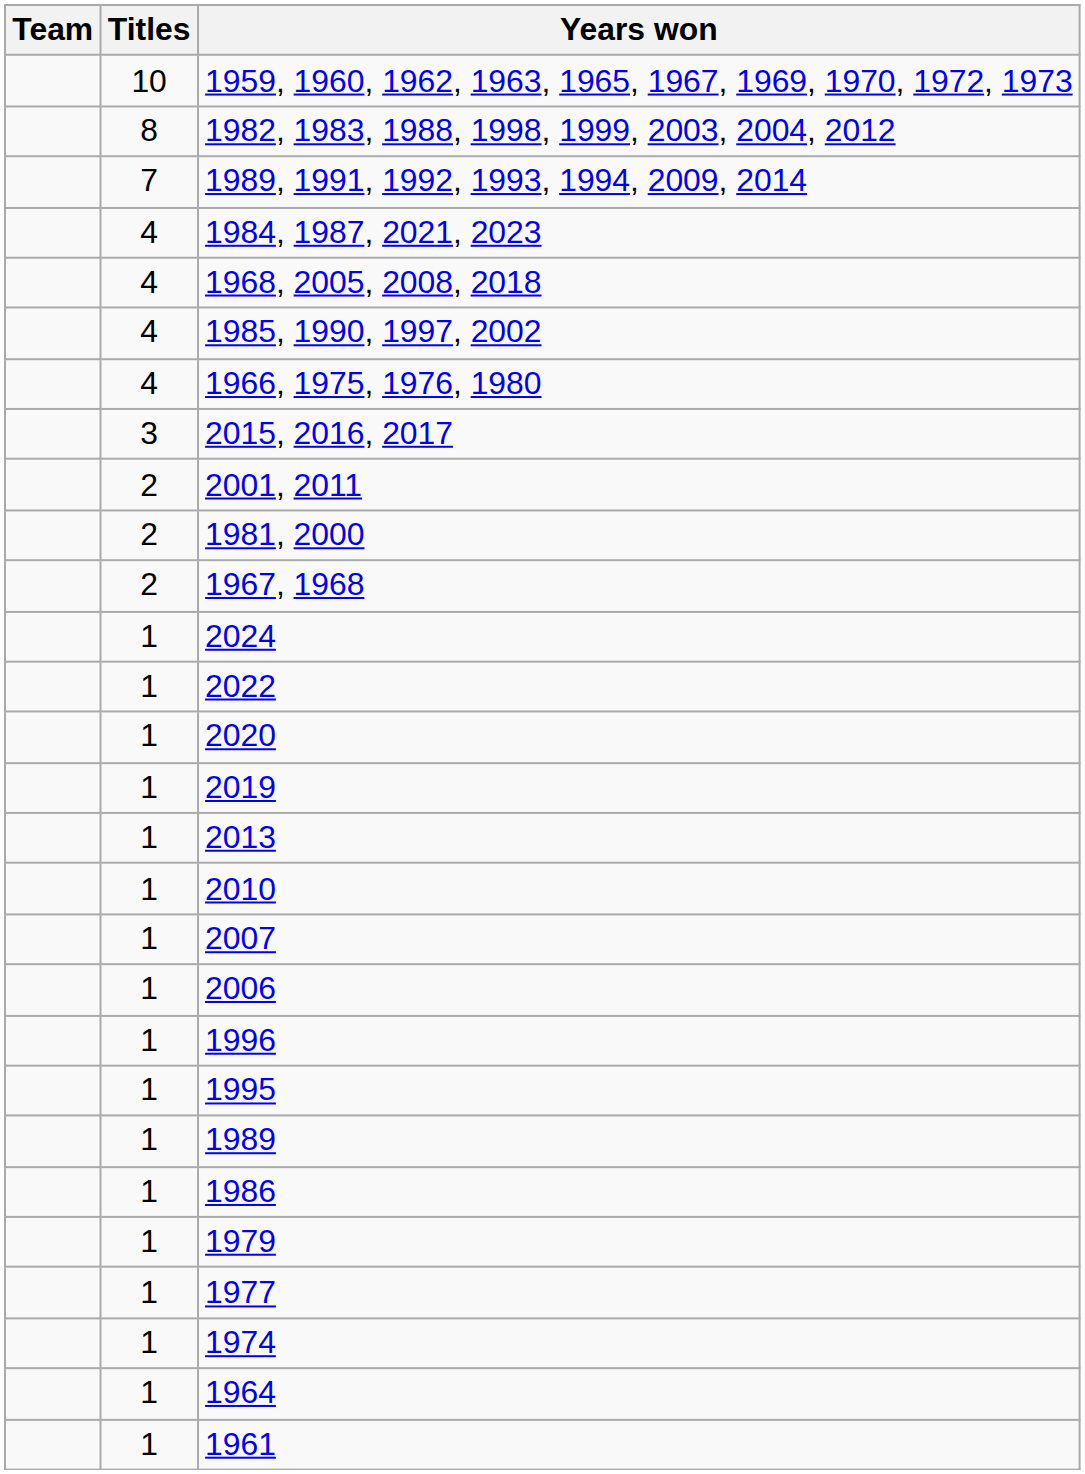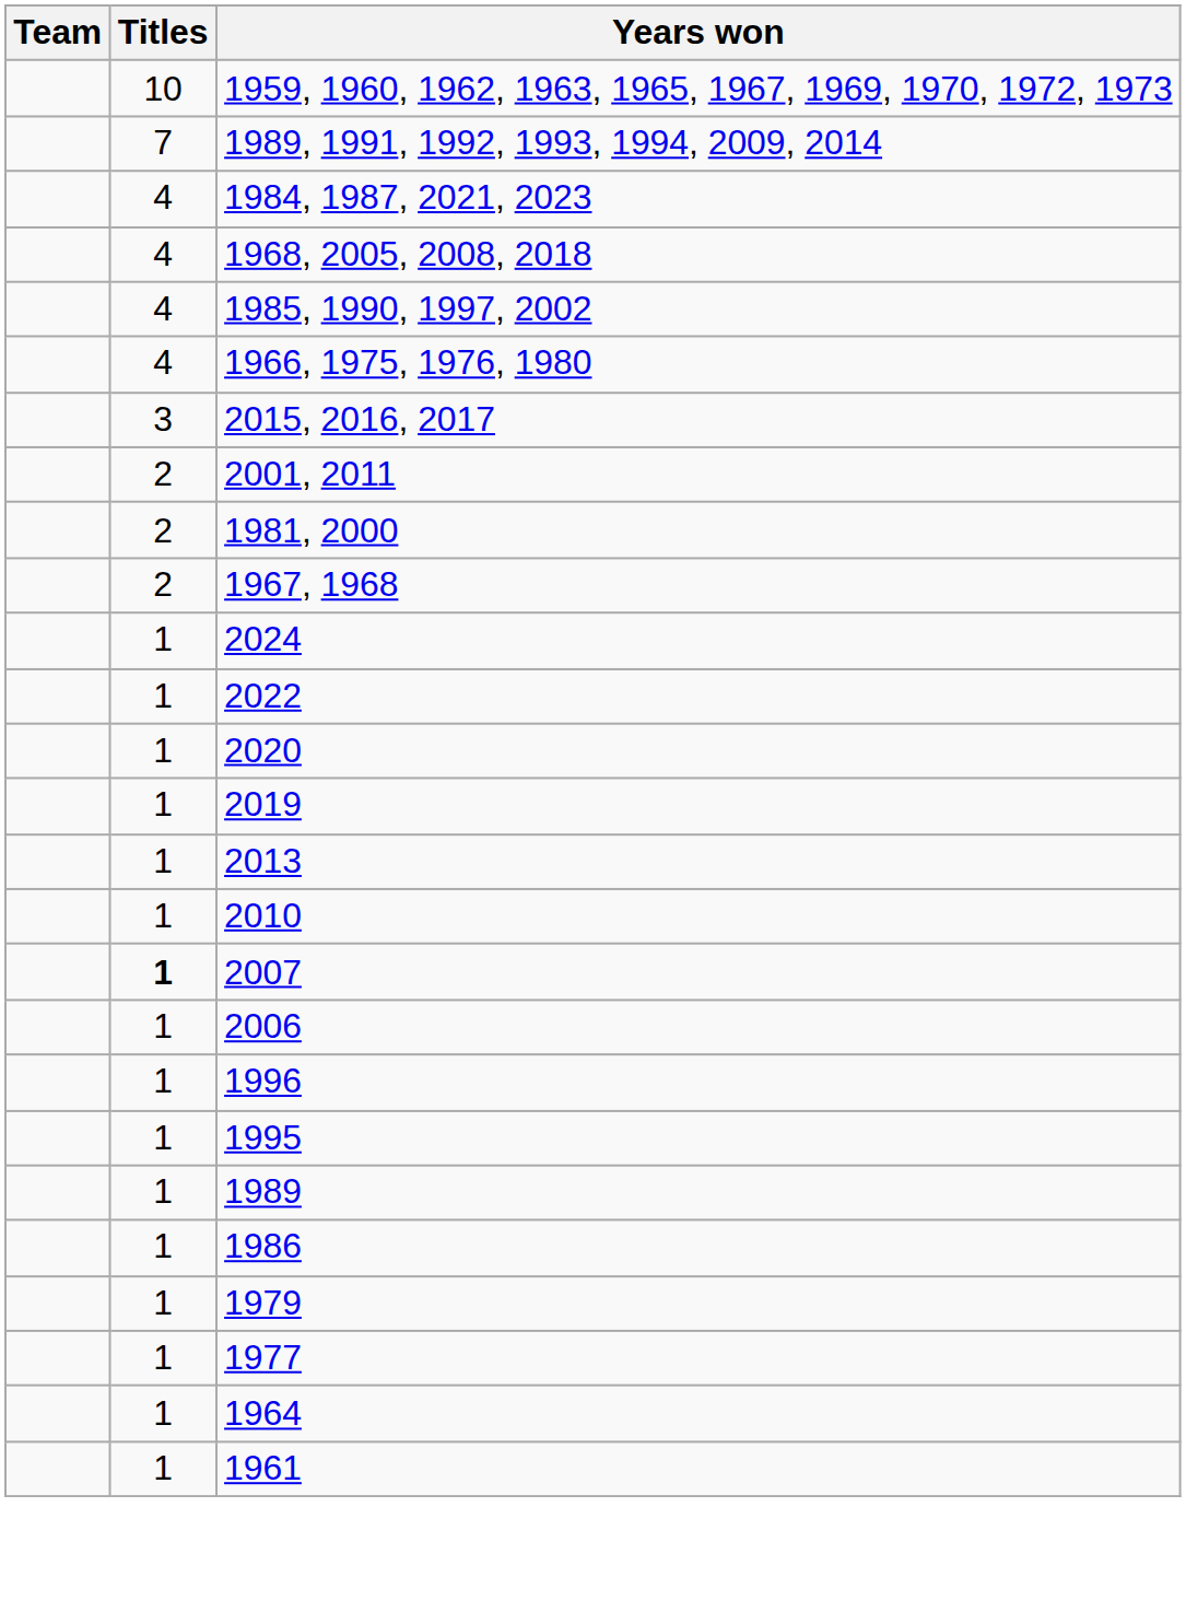 <table class="wikitable sortable" style=text-align:center>
 <tr>
 <th>Team</th>
 <th>Titles</th>
 <th>Years won</th>
 </tr>
 <tr>
 <td style=><strong></strong></td>
 <td>10</td>
 <td align=left><a href='#'>1959</a>, <a href='#'>1960</a>, <a href='#'>1962</a>, <a href='#'>1963</a>, <a href='#'>1965</a>, <a href='#'>1967</a>, <a href='#'>1969</a>, <a href='#'>1970</a>, <a href='#'>1972</a>, <a href='#'>1973</a></td>
-</tr>
-<tr>
-<td style=><strong></strong></td>
-<td>8</td>
-<td align=left><a href='#'>1982</a>, <a href='#'>1983</a>, <a href='#'>1988</a>, <a href='#'>1998</a>, <a href='#'>1999</a>, <a href='#'>2003</a>, <a href='#'>2004</a>, <a href='#'>2012</a></td>
 </tr>
 <tr>
 <td style=><strong><a href='#'></a></strong></td>
 <td>7</td>
 <td align=left><a href='#'>1989</a>, <a href='#'>1991</a>, <a href='#'>1992</a>, <a href='#'>1993</a>, <a href='#'>1994</a>, <a href='#'>2009</a>, <a href='#'>2014</a></td>
 </tr>
 <tr>
 <td style=><strong><a href='#'></a></strong></td>
 <td>4</td>
 <td align=left><a href='#'>1984</a>, <a href='#'>1987</a>, <a href='#'>2021</a>, <a href='#'>2023</a></td>
 </tr>
 <tr>
 <td style=><strong><a href='#'></a></strong></td>
 <td>4</td>
 <td align=left><a href='#'>1968</a>, <a href='#'>2005</a>, <a href='#'>2008</a>, <a href='#'>2018</a></td>
 </tr>
 <tr>
 <td style=><strong><a href='#'></a></strong></td>
 <td>4</td>
 <td align=left><a href='#'>1985</a>, <a href='#'>1990</a>, <a href='#'>1997</a>, <a href='#'>2002</a></td>
 </tr>
 <tr>
 <td style=><strong></strong></td>
 <td>4</td>
 <td align=left><a href='#'>1966</a>, <a href='#'>1975</a>, <a href='#'>1976</a>, <a href='#'>1980</a></td>
 </tr>
 <tr>
 <td style=><strong><a href='#'></a></strong></td>
 <td>3</td>
 <td align=left><a href='#'>2015</a>, <a href='#'>2016</a>, <a href='#'>2017</a></td>
 </tr>
 <tr>
 <td style=><strong></strong></td>
 <td>2</td>
 <td align=left><a href='#'>2001</a>, <a href='#'>2011</a></td>
 </tr>
 <tr>
 <td style=><strong><a href='#'></a></strong></td>
 <td>2</td>
 <td align=left><a href='#'>1981</a>, <a href='#'>2000</a></td>
 </tr>
 <tr>
 <td style=><strong><a href='#'></a></strong></td>
 <td>2</td>
 <td align=left><a href='#'>1967</a>, <a href='#'>1968</a></td>
 </tr>
 <tr>
 <td style=><strong></strong></td>
 <td>1</td>
 <td align=left><a href='#'>2024</a></td>
 </tr>
 <tr>
 <td style=><strong></strong></td>
 <td>1</td>
 <td align=left><a href='#'>2022</a></td>
 </tr>
 <tr>
 <td style=><strong><a href='#'></a></strong></td>
 <td>1</td>
 <td align=left><a href='#'>2020</a></td>
 </tr>
 <tr>
 <td style=><strong></strong></td>
 <td>1</td>
 <td align=left><a href='#'>2019</a></td>
 </tr>
 <tr>
 <td style=><strong></strong></td>
 <td>1</td>
 <td align=left><a href='#'>2013</a></td>
 </tr>
 <tr>
 <td style=><strong></strong></td>
 <td>1</td>
 <td align=left><a href='#'>2010</a></td>
 </tr>
 <tr>
 <td style=><strong></strong></td>
-<td>1</td>
+<td><strong>1</strong></td>
 <td align=left><a href='#'>2007</a></td>
 </tr>
 <tr>
 <td style=><strong></strong></td>
 <td>1</td>
 <td align=left><a href='#'>2006</a></td>
 </tr>
 <tr>
 <td style=></td>
 <td>1</td>
 <td align=left><a href='#'>1996</a></td>
 </tr>
 <tr>
 <td style=><strong><a href='#'></a></strong></td>
 <td>1</td>
 <td align=left><a href='#'>1995</a></td>
 </tr>
 <tr>
 <td style=><strong><a href='#'></a></strong></td>
 <td>1</td>
 <td align=left><a href='#'>1989</a></td>
 </tr>
 <tr>
 <td style=><strong><a href='#'></a></strong></td>
 <td>1</td>
 <td align=left><a href='#'>1986</a></td>
 </tr>
 <tr>
 <td style=><strong><a href='#'></a></strong></td>
 <td>1</td>
 <td align=left><a href='#'>1979</a></td>
 </tr>
 <tr>
 <td style=><em><a href='#'></a></em></td>
 <td>1</td>
 <td align=left><a href='#'>1977</a></td>
 </tr>
 <tr>
-<td style=><strong><a href='#'></a></strong></td>
-<td>1</td>
-<td align=left><a href='#'>1974</a></td>
-</tr>
-<tr>
 <td style=><strong></strong></td>
 <td>1</td>
 <td align=left><a href='#'>1964</a></td>
 </tr>
 <tr>
 <td style=><strong></strong></td>
 <td>1</td>
 <td align=left><a href='#'>1961</a></td>
 </tr>
 </table>
